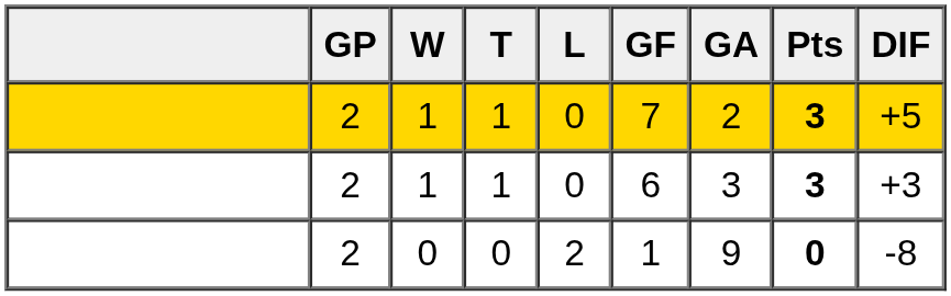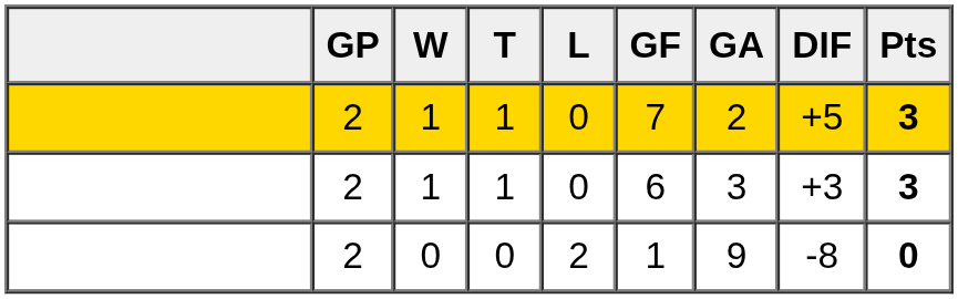 <table border=1 cellpadding=5 cellspacing=0>
 <tr>
 <th bgcolor="#efefef" width="120">　</th>
 <th bgcolor="#efefef" width="20">GP</th>
 <th bgcolor="#efefef" width="20">W</th>
 <th bgcolor="#efefef" width="20">T</th>
 <th bgcolor="#efefef" width="20">L</th>
 <th bgcolor="#efefef" width="20">GF</th>
 <th bgcolor="#efefef" width="20">GA</th>
+<th bgcolor="#efefef" width="20">DIF</th>
 <th bgcolor="#efefef" width="20">Pts</th>
-<th bgcolor="#efefef" width="20">DIF</th>
 </tr>
 <tr align=center bgcolor= gold>
 <td align=left><strong></strong></td>
 <td>2</td>
 <td>1</td>
 <td>1</td>
 <td>0</td>
 <td>7</td>
 <td>2</td>
+<td>+5</td>
 <td><strong>3</strong></td>
-<td>+5</td>
 </tr>
 <tr align=center>
 <td align=left></td>
 <td>2</td>
 <td>1</td>
 <td>1</td>
 <td>0</td>
 <td>6</td>
 <td>3</td>
+<td>+3</td>
 <td><strong>3</strong></td>
-<td>+3</td>
 </tr>
 <tr align=center>
 <td align=left></td>
 <td>2</td>
 <td>0</td>
 <td>0</td>
 <td>2</td>
 <td>1</td>
 <td>9</td>
+<td>-8</td>
 <td><strong>0</strong></td>
-<td>-8</td>
 </tr>
 </table>
